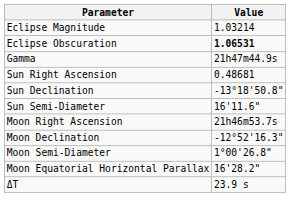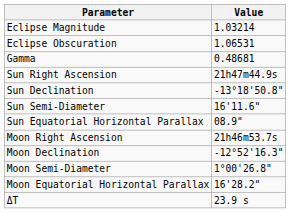 <table class="wikitable">
 <tr>
 <th>Parameter</th>
 <th>Value</th>
 </tr>
 <tr>
 <td>Eclipse Magnitude</td>
 <td>1.03214</td>
 </tr>
 <tr>
 <td>Eclipse Obscuration</td>
-<td><strong>1.06531</strong></td>
+<td>1.06531</td>
 </tr>
 <tr>
 <td>Gamma</td>
-<td>21h47m44.9s</td>
+<td>0.48681</td>
 </tr>
 <tr>
 <td>Sun Right Ascension</td>
-<td>0.48681</td>
+<td>21h47m44.9s</td>
 </tr>
 <tr>
 <td>Sun Declination</td>
 <td>-13°18'50.8"</td>
 </tr>
 <tr>
 <td>Sun Semi-Diameter</td>
 <td>16'11.6"</td>
+</tr>
+<tr>
+<td>Sun Equatorial Horizontal Parallax</td>
+<td>08.9"</td>
 </tr>
 <tr>
 <td>Moon Right Ascension</td>
 <td>21h46m53.7s</td>
 </tr>
 <tr>
 <td>Moon Declination</td>
 <td>-12°52'16.3"</td>
 </tr>
 <tr>
 <td>Moon Semi-Diameter</td>
 <td>1°00'26.8"</td>
 </tr>
 <tr>
 <td>Moon Equatorial Horizontal Parallax</td>
 <td>16'28.2"</td>
 </tr>
 <tr>
 <td>ΔT</td>
 <td>23.9 s</td>
 </tr>
 </table>
